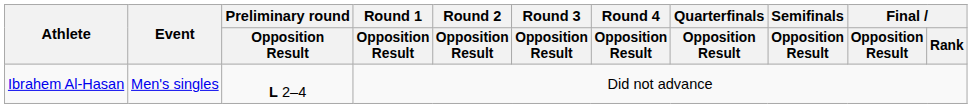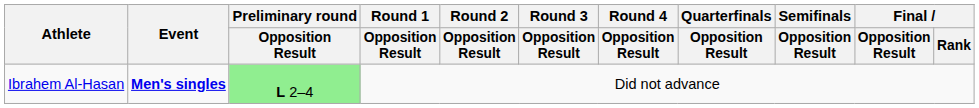 <table class="wikitable" style="font-size:90%">
 <tr>
 <th rowspan="2">Athlete</th>
 <th rowspan="2">Event</th>
 <th>Preliminary round</th>
 <th>Round 1</th>
 <th>Round 2</th>
 <th>Round 3</th>
 <th>Round 4</th>
 <th>Quarterfinals</th>
 <th>Semifinals</th>
 <th colspan=2>Final / </th>
 </tr>
 <tr style="font-size:95%">
 <th>Opposition<br>Result</th>
 <th>Opposition<br>Result</th>
 <th>Opposition<br>Result</th>
 <th>Opposition<br>Result</th>
 <th>Opposition<br>Result</th>
 <th>Opposition<br>Result</th>
 <th>Opposition<br>Result</th>
 <th>Opposition<br>Result</th>
 <th>Rank</th>
 </tr>
 <tr align=center>
 <td align=left><a href='#'>Ibrahem Al-Hasan</a></td>
-<td align=left><a href='#'>Men's singles</a></td>
-<td><br><strong>L</strong> 2–4</td>
+<td align=left><strong><a href='#'>Men's singles</a></strong></td>
+<td style="background: lightgreen;"><br><strong>L</strong> 2–4</td>
 <td colspan=8>Did not advance</td>
 </tr>
 </table>
